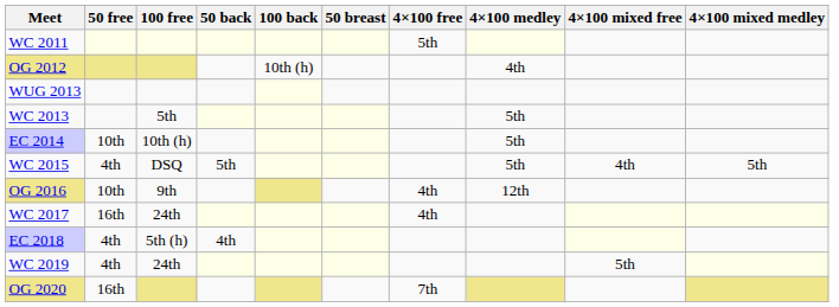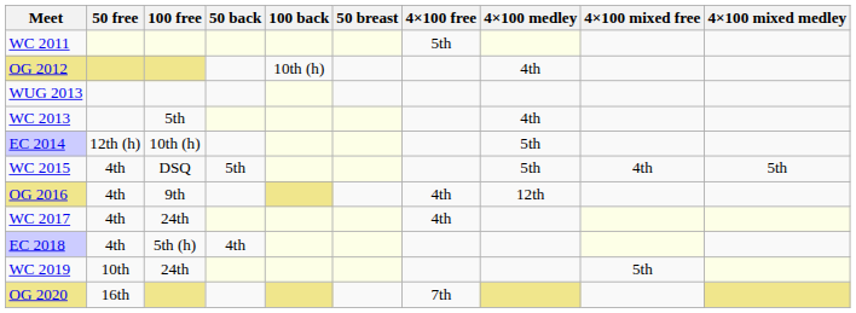 <table class="sortable wikitable">
 <tr>
 <th>Meet</th>
 <th class="unsortable">50 free</th>
 <th class="unsortable">100 free</th>
 <th class="unsortable">50 back</th>
 <th class="unsortable">100 back</th>
 <th class="unsortable">50 breast</th>
 <th class="unsortable">4×100 free</th>
 <th class="unsortable">4×100 medley</th>
 <th class="unsortable">4×100 mixed free</th>
 <th class="unsortable">4×100 mixed medley</th>
 </tr>
 <tr>
 <td><a href='#'>WC 2011</a></td>
 <td style="background:#fdffe7"></td>
 <td style="background:#fdffe7"></td>
 <td style="background:#fdffe7"></td>
 <td style="background:#fdffe7"></td>
 <td style="background:#fdffe7"></td>
 <td align="center">5th</td>
 <td style="background:#fdffe7"></td>
 <td></td>
 <td></td>
 </tr>
 <tr>
 <td style="background:#f0e68c"><a href='#'>OG 2012</a></td>
 <td style="background:#f0e68c"></td>
 <td style="background:#f0e68c"></td>
 <td></td>
 <td align="center">10th (h)</td>
 <td></td>
 <td align="center"></td>
 <td align="center">4th</td>
 <td></td>
 <td></td>
 </tr>
 <tr>
 <td><a href='#'>WUG 2013</a></td>
 <td align="center"></td>
 <td align="center"></td>
 <td align="center"></td>
 <td style="background:#fdffe7"></td>
 <td align="center"></td>
 <td align="center"></td>
 <td align="center"></td>
 <td></td>
 <td></td>
 </tr>
 <tr>
 <td><a href='#'>WC 2013</a></td>
 <td align="center"></td>
 <td align="center">5th</td>
 <td style="background:#fdffe7"></td>
 <td style="background:#fdffe7"></td>
 <td style="background:#fdffe7"></td>
 <td align="center"></td>
-<td align="center">5th</td>
+<td align="center">4th</td>
 <td></td>
 <td></td>
 </tr>
 <tr>
 <td style="background:#ccccff"><a href='#'>EC 2014</a></td>
-<td align="center">10th</td>
+<td align="center">12th (h)</td>
 <td align="center">10th (h)</td>
 <td align="center"></td>
 <td style="background:#fdffe7"></td>
 <td style="background:#fdffe7"></td>
 <td align="center"></td>
 <td align="center">5th</td>
 <td align="center"></td>
 <td align="center"></td>
 </tr>
 <tr>
 <td><a href='#'>WC 2015</a></td>
 <td align="center">4th</td>
 <td align="center">DSQ</td>
 <td align="center">5th</td>
 <td style="background:#fdffe7"></td>
 <td style="background:#fdffe7"></td>
 <td align="center"></td>
 <td align="center">5th</td>
 <td align="center">4th</td>
 <td align="center">5th</td>
 </tr>
 <tr>
 <td style="background:#f0e68c"><a href='#'>OG 2016</a></td>
-<td align="center">10th</td>
+<td align="center">4th</td>
 <td align="center">9th</td>
 <td></td>
 <td style="background:#f0e68c"></td>
 <td></td>
 <td align="center">4th</td>
 <td align="center">12th</td>
 <td></td>
 <td></td>
 </tr>
 <tr>
 <td><a href='#'>WC 2017</a></td>
-<td align="center">16th</td>
+<td align="center">4th</td>
 <td align="center">24th</td>
 <td style="background:#fdffe7"></td>
 <td style="background:#fdffe7"></td>
 <td style="background:#fdffe7"></td>
 <td align="center">4th</td>
 <td align="center"></td>
 <td style="background:#fdffe7"></td>
 <td style="background:#fdffe7"></td>
 </tr>
 <tr>
 <td style="background:#ccccff"><a href='#'>EC 2018</a></td>
 <td align="center">4th</td>
 <td align="center">5th (h)</td>
 <td align="center">4th</td>
 <td style="background:#fdffe7"></td>
 <td style="background:#fdffe7"></td>
 <td align="center"></td>
 <td align="center"></td>
 <td style="background:#fdffe7"></td>
 <td align="center"></td>
 </tr>
 <tr>
 <td><a href='#'>WC 2019</a></td>
-<td align="center">4th</td>
+<td align="center">10th</td>
 <td align="center">24th</td>
 <td style="background:#fdffe7"></td>
 <td style="background:#fdffe7"></td>
 <td style="background:#fdffe7"></td>
 <td align="center"></td>
 <td align="center"></td>
 <td align="center">5th</td>
 <td style="background:#fdffe7"></td>
 </tr>
 <tr>
 <td style="background:#f0e68c"><a href='#'>OG 2020</a></td>
 <td align="center">16th</td>
 <td style="background:#f0e68c"></td>
 <td></td>
 <td style="background:#f0e68c"></td>
 <td></td>
 <td align="center">7th</td>
 <td style="background:#f0e68c"></td>
 <td></td>
 <td style="background:#f0e68c"></td>
 </tr>
 </table>
